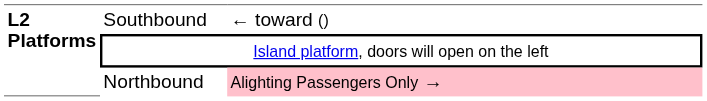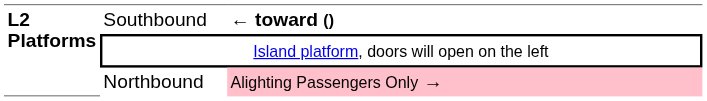 <table table border=0 cellspacing=0 cellpadding=3>
 <tr>
 <td style="border-top:solid 1px gray;border-bottom:solid 1px gray;" width=50 rowspan=10 valign=top><strong>L2<br>Platforms</strong></td>
 </tr>
 <tr>
 <td style="border-bottom:solid 0px gray;border-top:solid 1px gray;" width=100>Southbound</td>
-<td style="border-bottom:solid 0px gray;border-top:solid 1px gray;" width=390>←  toward  <small>()</small></td>
+<td style="border-bottom:solid 0px gray;border-top:solid 1px gray;" width=390><strong>←  toward  <small>()</small></strong></td>
 </tr>
 <tr>
 <td style="border-top:solid 2px black;border-right:solid 2px black;border-left:solid 2px black;border-bottom:solid 2px black;text-align:center;" colspan=2><small><a href='#'>Island platform</a>, doors will open on the left</small></td>
 </tr>
 <tr>
 <td>Northbound</td>
 <td style="background: pink;">  <small>Alighting Passengers Only</small> →</td>
 </tr>
 </table>
